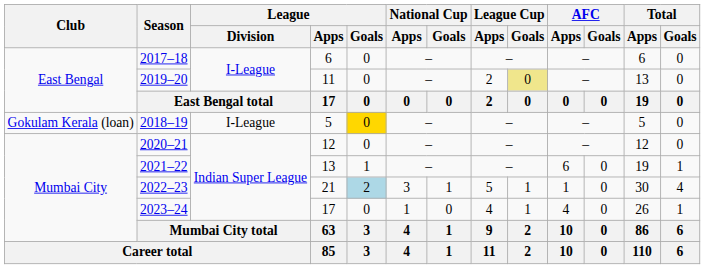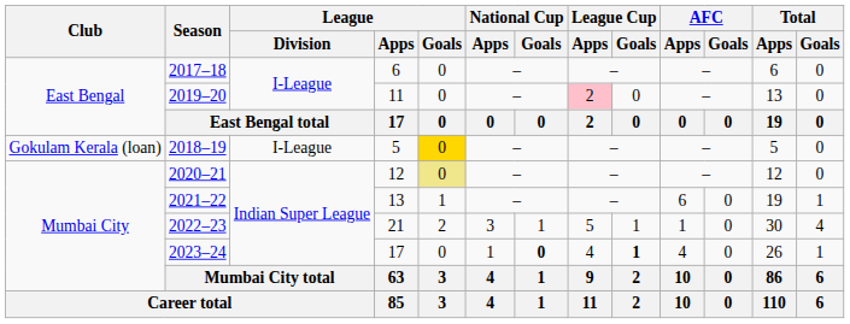 <table class="wikitable" style="text-align: center;">
 <tr>
 <th rowspan="2">Club</th>
 <th rowspan="2">Season</th>
 <th colspan="3">League</th>
 <th colspan="2">National Cup</th>
 <th colspan="2">League Cup</th>
 <th colspan="2"><a href='#'>AFC</a></th>
 <th colspan="2">Total</th>
 </tr>
 <tr>
 <th>Division</th>
 <th>Apps</th>
 <th>Goals</th>
 <th>Apps</th>
 <th>Goals</th>
 <th>Apps</th>
 <th>Goals</th>
 <th>Apps</th>
 <th>Goals</th>
 <th>Apps</th>
 <th>Goals</th>
 </tr>
 <tr>
 <td rowspan="3"><a href='#'>East Bengal</a></td>
 <td><a href='#'>2017–18</a></td>
 <td rowspan="2"><a href='#'>I-League</a></td>
 <td>6</td>
 <td>0</td>
 <td colspan="2">–</td>
 <td colspan="2">–</td>
 <td colspan="2">–</td>
 <td>6</td>
 <td>0</td>
 </tr>
 <tr>
 <td><a href='#'>2019–20</a></td>
 <td>11</td>
 <td>0</td>
 <td colspan="2">–</td>
-<td>2</td>
-<td style="background: khaki;">0</td>
+<td style="background: pink;">2</td>
+<td>0</td>
 <td colspan="2">–</td>
 <td>13</td>
 <td>0</td>
 </tr>
 <tr>
 <th colspan="2">East Bengal total</th>
 <th>17</th>
 <th>0</th>
 <th>0</th>
 <th>0</th>
 <th>2</th>
 <th>0</th>
 <th>0</th>
 <th>0</th>
 <th>19</th>
 <th>0</th>
 </tr>
 <tr>
 <td rowspan="1"><a href='#'>Gokulam Kerala</a> (loan)</td>
 <td><a href='#'>2018–19</a></td>
 <td rowspan="1">I-League</td>
 <td>5</td>
 <td style="background: gold;">0</td>
 <td colspan="2">–</td>
 <td colspan="2">–</td>
 <td colspan="2">–</td>
 <td>5</td>
 <td>0</td>
 </tr>
 <tr>
 <td rowspan="5"><a href='#'>Mumbai City</a></td>
 <td><a href='#'>2020–21</a></td>
 <td rowspan="4"><a href='#'>Indian Super League</a></td>
 <td>12</td>
-<td>0</td>
+<td style="background: khaki;">0</td>
 <td colspan="2">–</td>
 <td colspan="2">–</td>
 <td colspan="2">–</td>
 <td>12</td>
 <td>0</td>
 </tr>
 <tr>
 <td><a href='#'>2021–22</a></td>
 <td>13</td>
 <td>1</td>
 <td colspan="2">–</td>
 <td colspan="2">–</td>
 <td>6</td>
 <td>0</td>
 <td>19</td>
 <td>1</td>
 </tr>
 <tr>
 <td><a href='#'>2022–23</a></td>
 <td>21</td>
-<td style="background: lightblue;">2</td>
+<td>2</td>
 <td>3</td>
 <td>1</td>
 <td>5</td>
 <td>1</td>
 <td>1</td>
 <td>0</td>
 <td>30</td>
 <td>4</td>
 </tr>
 <tr>
 <td><a href='#'>2023–24</a></td>
 <td>17</td>
 <td>0</td>
 <td>1</td>
-<td>0</td>
+<td><strong>0</strong></td>
 <td>4</td>
-<td>1</td>
+<td><strong>1</strong></td>
 <td>4</td>
 <td>0</td>
 <td>26</td>
 <td>1</td>
 </tr>
 <tr>
 <th colspan="2">Mumbai City total</th>
 <th>63</th>
 <th>3</th>
 <th>4</th>
 <th>1</th>
 <th>9</th>
 <th>2</th>
 <th>10</th>
 <th>0</th>
 <th>86</th>
 <th>6</th>
 </tr>
 <tr>
 <th colspan="3">Career total</th>
 <th>85</th>
 <th>3</th>
 <th>4</th>
 <th>1</th>
 <th>11</th>
 <th>2</th>
 <th>10</th>
 <th>0</th>
 <th>110</th>
 <th>6</th>
 </tr>
 </table>
